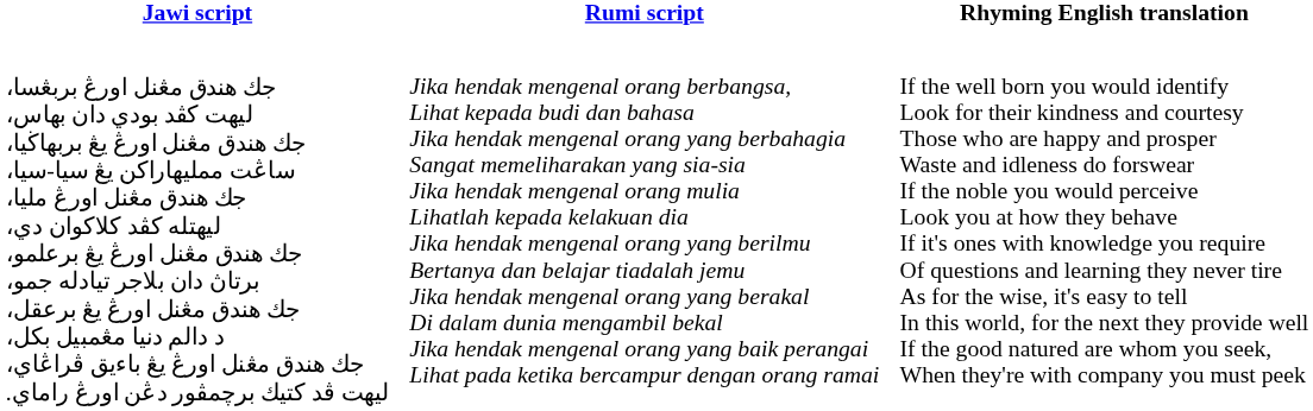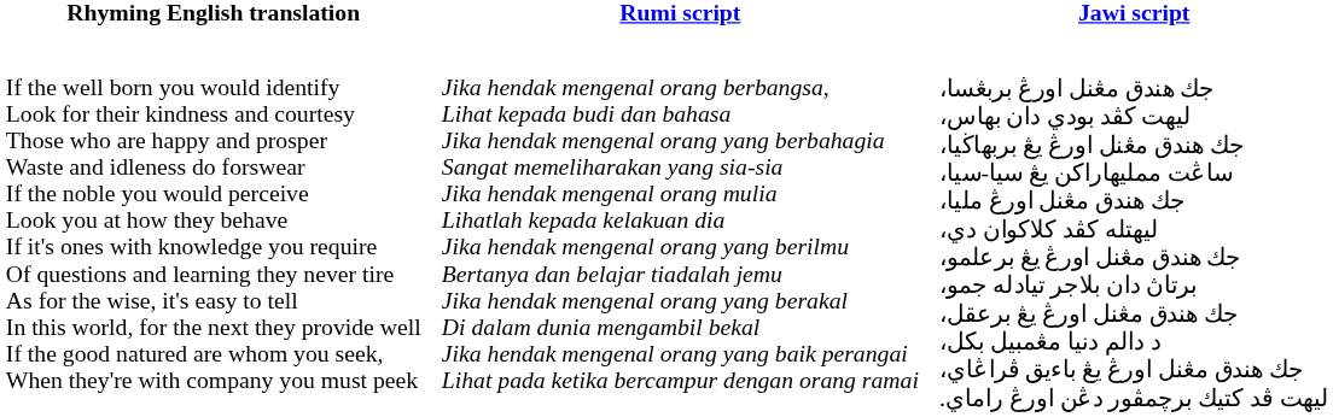 <table cellpadding=6>
 <tr>
+<th>Rhyming English translation</th>
+<th><a href='#'>Rumi script</a></th>
 <th><a href='#'>Jawi script</a></th>
-<th><a href='#'>Rumi script</a></th>
-<th>Rhyming English translation</th>
 </tr>
 <tr style="vertical-align:top; white-space:nowrap;">
+<td><br>If the well born you would identify<br> Look for their kindness and courtesy<br>Those who are happy and prosper<br> Waste and idleness do forswear<br>If the noble you would perceive<br> Look you at how they behave<br>If it's ones with knowledge you require<br> Of questions and learning they never tire<br>As for the wise, it's easy to tell<br> In this world, for the next they provide well<br>If the good natured are whom you seek,<br> When they're with company you must peek</td>
+<td><br><em>Jika hendak mengenal orang berbangsa,</em><br> <em>Lihat kepada budi dan bahasa</em><br><em>Jika hendak mengenal orang yang berbahagia</em><br> <em>Sangat memeliharakan yang sia-sia</em><br><em>Jika hendak mengenal orang mulia</em><br>  <em>Lihatlah kepada kelakuan dia</em><br><em>Jika hendak mengenal orang yang berilmu</em><br>  <em>Bertanya dan belajar tiadalah jemu</em><br><em>Jika hendak mengenal orang yang berakal</em><br>   <em>Di dalam dunia mengambil bekal</em><br><em>Jika hendak mengenal orang yang baik perangai</em><br>   <em>Lihat pada ketika bercampur dengan orang ramai</em></td>
 <td><div><br>،جك هندق مڠنل اورڠ بربڠسا<br> ،ليهت كڤد بودي دان بهاس<br>،جك هندق مڠنل اورڠ يڠ بربهاڬيا<br> ،ساڠت ممليهاراكن يڠ سيا-سيا<br>،جك هندق مڠنل اورڠ مليا<br> ،ليهتله كڤد كلاكوان دي<br>،جك هندق مڠنل اورڠ يڠ برعلمو<br> ،برتاڽ دان بلاجر تيادله جمو<br>،جك هندق مڠنل اورڠ يڠ برعقل<br> ،د دالم دنيا مڠمبيل بكل<br>،جك هندق مڠنل اورڠ يڠ باءيق ڤراڠاي<br> .ليهت ڤد كتيك برچمڤور دڠن اورڠ راماي</div></td>
-<td><br><em>Jika hendak mengenal orang berbangsa,</em><br> <em>Lihat kepada budi dan bahasa</em><br><em>Jika hendak mengenal orang yang berbahagia</em><br> <em>Sangat memeliharakan yang sia-sia</em><br><em>Jika hendak mengenal orang mulia</em><br>  <em>Lihatlah kepada kelakuan dia</em><br><em>Jika hendak mengenal orang yang berilmu</em><br>  <em>Bertanya dan belajar tiadalah jemu</em><br><em>Jika hendak mengenal orang yang berakal</em><br>   <em>Di dalam dunia mengambil bekal</em><br><em>Jika hendak mengenal orang yang baik perangai</em><br>   <em>Lihat pada ketika bercampur dengan orang ramai</em></td>
-<td><br>If the well born you would identify<br> Look for their kindness and courtesy<br>Those who are happy and prosper<br> Waste and idleness do forswear<br>If the noble you would perceive<br> Look you at how they behave<br>If it's ones with knowledge you require<br> Of questions and learning they never tire<br>As for the wise, it's easy to tell<br> In this world, for the next they provide well<br>If the good natured are whom you seek,<br> When they're with company you must peek</td>
 </tr>
 </table>
